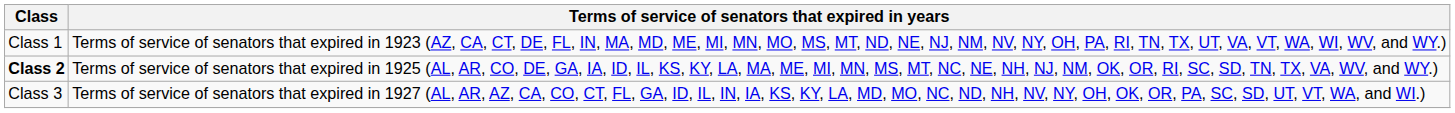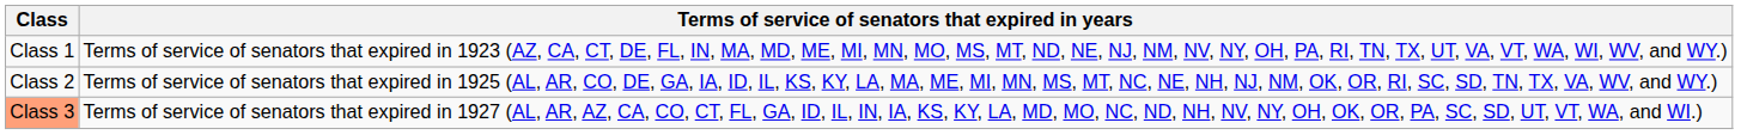 <table class="wikitable sortable">
 <tr valign=bottom>
 <th>Class</th>
 <th>Terms of service of senators that expired in years</th>
 </tr>
 <tr>
 <td>Class 1</td>
 <td>Terms of service of senators that expired in 1923 (<a href='#'>AZ</a>, <a href='#'>CA</a>, <a href='#'>CT</a>, <a href='#'>DE</a>, <a href='#'>FL</a>, <a href='#'>IN</a>, <a href='#'>MA</a>, <a href='#'>MD</a>, <a href='#'>ME</a>,  <a href='#'>MI</a>, <a href='#'>MN</a>, <a href='#'>MO</a>, <a href='#'>MS</a>, <a href='#'>MT</a>, <a href='#'>ND</a>, <a href='#'>NE</a>, <a href='#'>NJ</a>, <a href='#'>NM</a>, <a href='#'>NV</a>, <a href='#'>NY</a>, <a href='#'>OH</a>, <a href='#'>PA</a>, <a href='#'>RI</a>, <a href='#'>TN</a>, <a href='#'>TX</a>, <a href='#'>UT</a>, <a href='#'>VA</a>, <a href='#'>VT</a>, <a href='#'>WA</a>, <a href='#'>WI</a>, <a href='#'>WV</a>, and <a href='#'>WY</a>.)</td>
 </tr>
 <tr>
-<td><strong>Class 2</strong></td>
+<td>Class 2</td>
 <td>Terms of service of senators that expired in 1925 (<a href='#'>AL</a>, <a href='#'>AR</a>, <a href='#'>CO</a>, <a href='#'>DE</a>, <a href='#'>GA</a>, <a href='#'>IA</a>, <a href='#'>ID</a>, <a href='#'>IL</a>, <a href='#'>KS</a>, <a href='#'>KY</a>, <a href='#'>LA</a>, <a href='#'>MA</a>, <a href='#'>ME</a>, <a href='#'>MI</a>, <a href='#'>MN</a>, <a href='#'>MS</a>, <a href='#'>MT</a>, <a href='#'>NC</a>, <a href='#'>NE</a>, <a href='#'>NH</a>, <a href='#'>NJ</a>, <a href='#'>NM</a>, <a href='#'>OK</a>, <a href='#'>OR</a>, <a href='#'>RI</a>, <a href='#'>SC</a>, <a href='#'>SD</a>, <a href='#'>TN</a>, <a href='#'>TX</a>, <a href='#'>VA</a>, <a href='#'>WV</a>, and <a href='#'>WY</a>.)</td>
 </tr>
 <tr>
-<td>Class 3</td>
+<td style="background: lightsalmon;">Class 3</td>
 <td>Terms of service of senators that expired in 1927 (<a href='#'>AL</a>, <a href='#'>AR</a>, <a href='#'>AZ</a>, <a href='#'>CA</a>, <a href='#'>CO</a>, <a href='#'>CT</a>, <a href='#'>FL</a>, <a href='#'>GA</a>, <a href='#'>ID</a>, <a href='#'>IL</a>, <a href='#'>IN</a>, <a href='#'>IA</a>, <a href='#'>KS</a>, <a href='#'>KY</a>, <a href='#'>LA</a>, <a href='#'>MD</a>, <a href='#'>MO</a>, <a href='#'>NC</a>, <a href='#'>ND</a>, <a href='#'>NH</a>, <a href='#'>NV</a>, <a href='#'>NY</a>, <a href='#'>OH</a>, <a href='#'>OK</a>, <a href='#'>OR</a>, <a href='#'>PA</a>, <a href='#'>SC</a>, <a href='#'>SD</a>, <a href='#'>UT</a>, <a href='#'>VT</a>, <a href='#'>WA</a>, and <a href='#'>WI</a>.)</td>
 </tr>
 <tr>
 </tr>
 </table>
